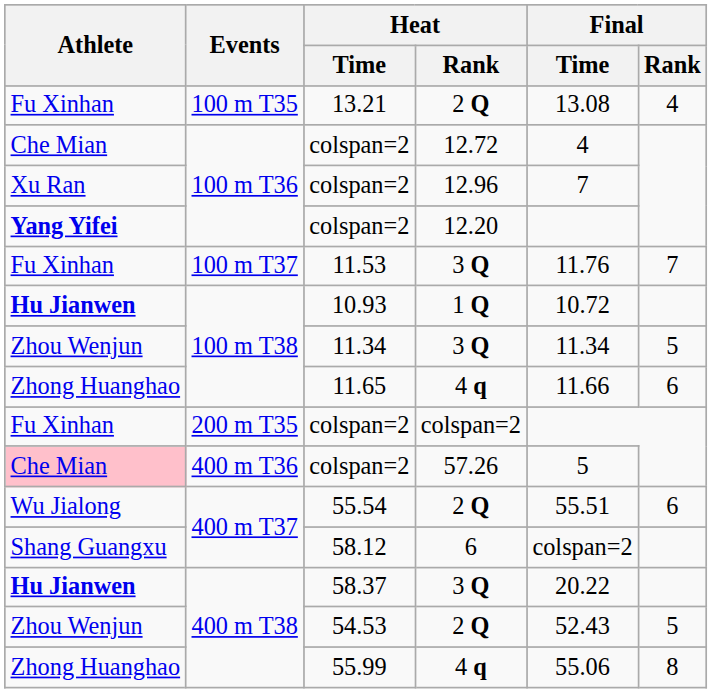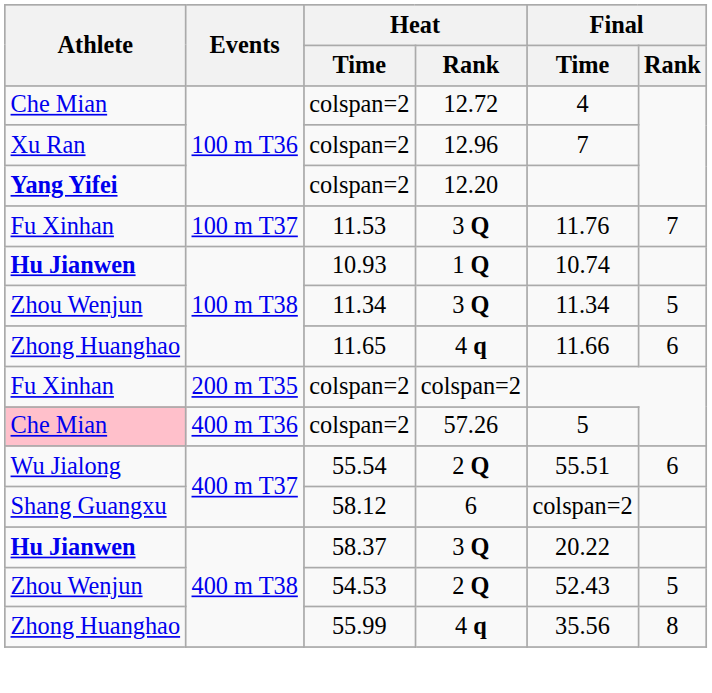 <table class=wikitable style="text-align: center; font-size:90%">
 <tr>
 <th rowspan="2">Athlete</th>
 <th rowspan="2">Events</th>
 <th colspan="2">Heat</th>
 <th colspan="2">Final</th>
 </tr>
 <tr>
 <th>Time</th>
 <th>Rank</th>
 <th>Time</th>
 <th>Rank</th>
-</tr>
-<tr>
-<td align=left><a href='#'>Fu Xinhan</a></td>
-<td align=left><a href='#'>100 m T35</a></td>
-<td>13.21</td>
-<td>2 <strong>Q</strong></td>
-<td>13.08</td>
-<td>4</td>
 </tr>
 <tr>
 <td align=left><a href='#'>Che Mian</a></td>
 <td align=left rowspan=3><a href='#'>100 m T36</a></td>
 <td>colspan=2 </td>
 <td>12.72</td>
 <td>4</td>
 </tr>
 <tr>
 <td align=left><a href='#'>Xu Ran</a></td>
 <td>colspan=2 </td>
 <td>12.96</td>
 <td>7</td>
 </tr>
 <tr>
 <td align=left><strong><a href='#'>Yang Yifei</a></strong></td>
 <td>colspan=2 </td>
 <td>12.20</td>
 <td></td>
 </tr>
 <tr>
 <td align=left><a href='#'>Fu Xinhan</a></td>
 <td align=left><a href='#'>100 m T37</a></td>
 <td>11.53</td>
 <td>3 <strong>Q</strong></td>
 <td>11.76</td>
 <td>7</td>
 </tr>
 <tr>
 <td align=left><strong><a href='#'>Hu Jianwen</a></strong></td>
 <td align=left rowspan=3><a href='#'>100 m T38</a></td>
 <td>10.93</td>
 <td>1 <strong>Q</strong></td>
-<td>10.72 </td>
+<td>10.74 </td>
 <td></td>
 </tr>
 <tr>
 <td align=left><a href='#'>Zhou Wenjun</a></td>
 <td>11.34</td>
 <td>3 <strong>Q</strong></td>
 <td>11.34</td>
 <td>5</td>
 </tr>
 <tr>
 <td align=left><a href='#'>Zhong Huanghao</a></td>
 <td>11.65</td>
 <td>4 <strong>q</strong></td>
 <td>11.66</td>
 <td>6</td>
 </tr>
 <tr>
 <td align=left><a href='#'>Fu Xinhan</a></td>
 <td align=left><a href='#'>200 m T35</a></td>
 <td>colspan=2 </td>
 <td>colspan=2 </td>
 </tr>
 <tr>
 <td align=left style="background: pink;"><a href='#'>Che Mian</a></td>
 <td align=left><a href='#'>400 m T36</a></td>
 <td>colspan=2 </td>
 <td>57.26</td>
 <td>5</td>
 </tr>
 <tr>
 <td align=left><a href='#'>Wu Jialong</a></td>
 <td align=left rowspan=2><a href='#'>400 m T37</a></td>
 <td>55.54</td>
 <td>2 <strong>Q</strong></td>
 <td>55.51</td>
 <td>6</td>
 </tr>
 <tr>
 <td align=left><a href='#'>Shang Guangxu</a></td>
 <td>58.12</td>
 <td>6</td>
 <td>colspan=2 </td>
 </tr>
 <tr>
 <td align=left><strong><a href='#'>Hu Jianwen</a></strong></td>
 <td align=left rowspan=3><a href='#'>400 m T38</a></td>
 <td>58.37</td>
 <td>3 <strong>Q</strong></td>
 <td>20.22</td>
 <td></td>
 </tr>
 <tr>
 <td align=left><a href='#'>Zhou Wenjun</a></td>
 <td>54.53</td>
 <td>2 <strong>Q</strong></td>
 <td>52.43</td>
 <td>5</td>
 </tr>
 <tr>
 <td align=left><a href='#'>Zhong Huanghao</a></td>
 <td>55.99</td>
 <td>4 <strong>q</strong></td>
-<td>55.06</td>
+<td>35.56</td>
 <td>8</td>
 </tr>
 </table>
